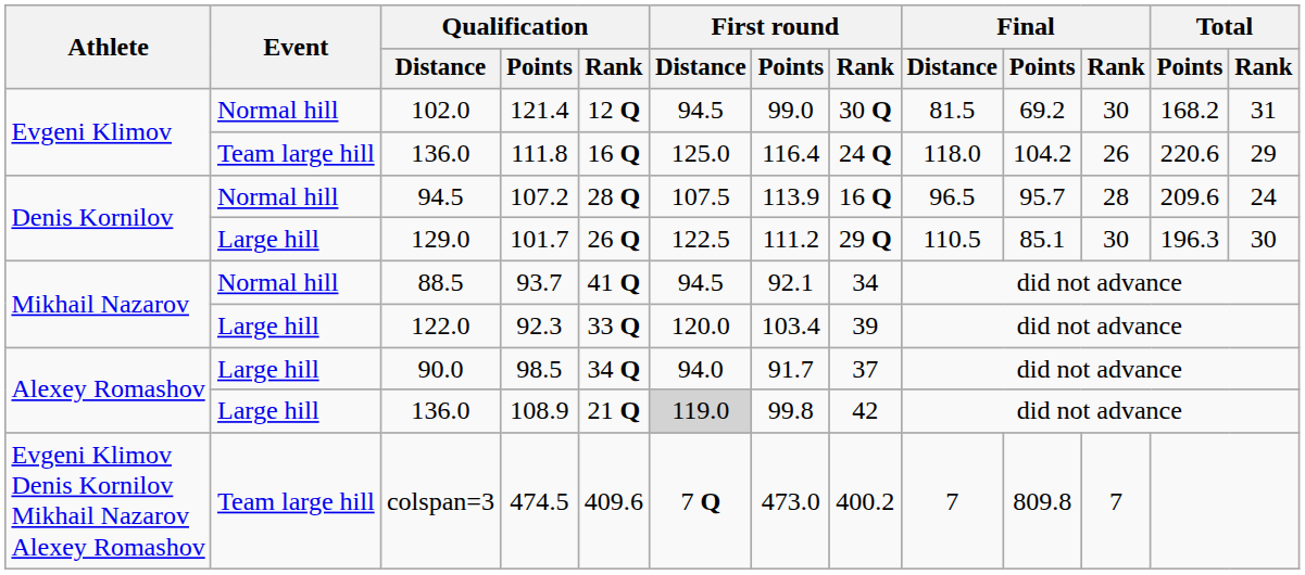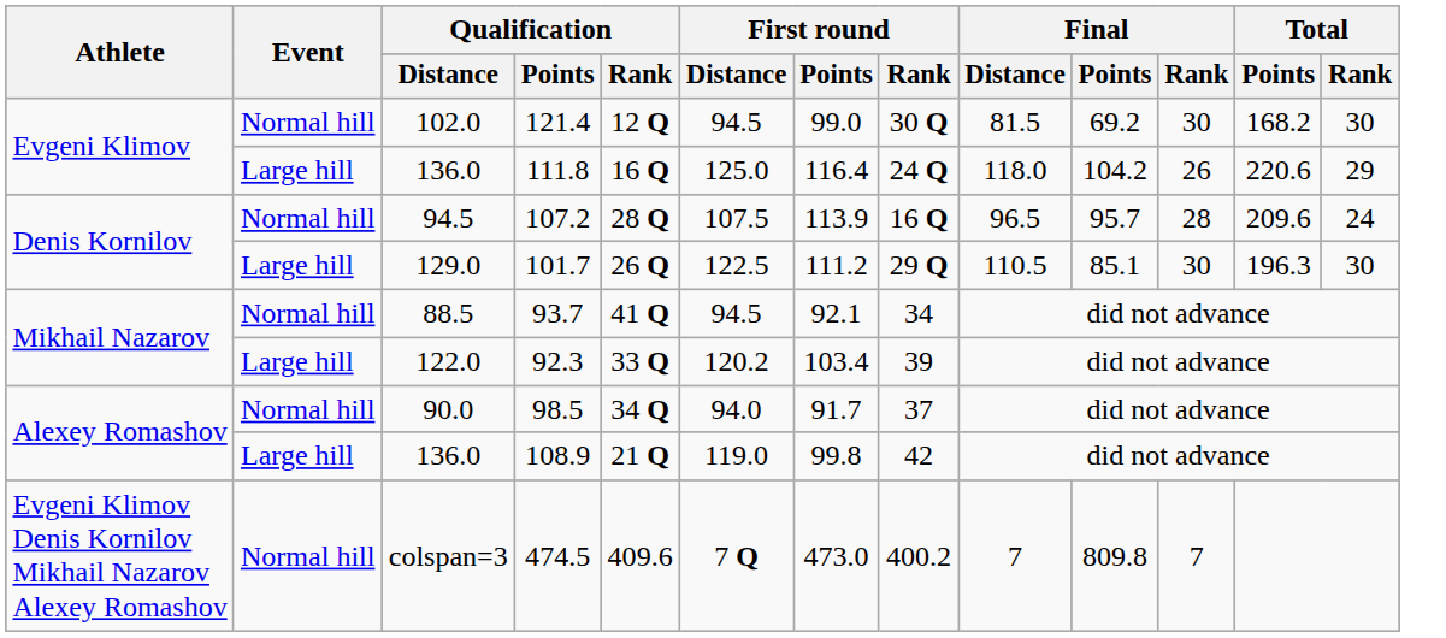 <table class="wikitable" style="font-size:90%">
 <tr>
 <th rowspan=2>Athlete</th>
 <th rowspan=2>Event</th>
 <th colspan=3>Qualification</th>
 <th colspan=3>First round</th>
 <th colspan=3>Final</th>
 <th colspan=2>Total</th>
 </tr>
 <tr style="font-size:95%">
 <th>Distance</th>
 <th>Points</th>
 <th>Rank</th>
 <th>Distance</th>
 <th>Points</th>
 <th>Rank</th>
 <th>Distance</th>
 <th>Points</th>
 <th>Rank</th>
 <th>Points</th>
 <th>Rank</th>
 </tr>
 <tr align=center>
 <td align=left rowspan=2><a href='#'>Evgeni Klimov</a></td>
 <td align=left><a href='#'>Normal hill</a></td>
 <td>102.0</td>
 <td>121.4</td>
 <td>12 <strong>Q</strong></td>
 <td>94.5</td>
 <td>99.0</td>
 <td>30 <strong>Q</strong></td>
 <td>81.5</td>
 <td>69.2</td>
 <td>30</td>
 <td>168.2</td>
-<td>31</td>
+<td>30</td>
 </tr>
 <tr align=center>
-<td align=left><a href='#'>Team large hill</a></td>
+<td align=left><a href='#'>Large hill</a></td>
 <td>136.0</td>
 <td>111.8</td>
 <td>16 <strong>Q</strong></td>
 <td>125.0</td>
 <td>116.4</td>
 <td>24 <strong>Q</strong></td>
 <td>118.0</td>
 <td>104.2</td>
 <td>26</td>
 <td>220.6</td>
 <td>29</td>
 </tr>
 <tr align=center>
 <td align=left rowspan=2><a href='#'>Denis Kornilov</a></td>
 <td align=left><a href='#'>Normal hill</a></td>
 <td>94.5</td>
 <td>107.2</td>
 <td>28 <strong>Q</strong></td>
 <td>107.5</td>
 <td>113.9</td>
 <td>16 <strong>Q</strong></td>
 <td>96.5</td>
 <td>95.7</td>
 <td>28</td>
 <td>209.6</td>
 <td>24</td>
 </tr>
 <tr align=center>
 <td align=left><a href='#'>Large hill</a></td>
 <td>129.0</td>
 <td>101.7</td>
 <td>26 <strong>Q</strong></td>
 <td>122.5</td>
 <td>111.2</td>
 <td>29 <strong>Q</strong></td>
 <td>110.5</td>
 <td>85.1</td>
 <td>30</td>
 <td>196.3</td>
 <td>30</td>
 </tr>
 <tr align=center>
 <td align=left rowspan=2><a href='#'>Mikhail Nazarov</a></td>
 <td align=left><a href='#'>Normal hill</a></td>
 <td>88.5</td>
 <td>93.7</td>
 <td>41 <strong>Q</strong></td>
 <td>94.5</td>
 <td>92.1</td>
 <td>34</td>
 <td colspan=5>did not advance</td>
 </tr>
 <tr align=center>
 <td align=left><a href='#'>Large hill</a></td>
 <td>122.0</td>
 <td>92.3</td>
 <td>33 <strong>Q</strong></td>
-<td>120.0</td>
+<td>120.2</td>
 <td>103.4</td>
 <td>39</td>
 <td colspan=5>did not advance</td>
 </tr>
 <tr align=center>
 <td align=left rowspan=2><a href='#'>Alexey Romashov</a></td>
-<td align=left><a href='#'>Large hill</a></td>
+<td align=left><a href='#'>Normal hill</a></td>
 <td>90.0</td>
 <td>98.5</td>
 <td>34 <strong>Q</strong></td>
 <td>94.0</td>
 <td>91.7</td>
 <td>37</td>
 <td colspan=5>did not advance</td>
 </tr>
 <tr align=center>
 <td align=left><a href='#'>Large hill</a></td>
 <td>136.0</td>
 <td>108.9</td>
 <td>21 <strong>Q</strong></td>
-<td style="background: lightgrey;">119.0</td>
+<td>119.0</td>
 <td>99.8</td>
 <td>42</td>
 <td colspan=5>did not advance</td>
 </tr>
 <tr align=center>
 <td align=left><a href='#'>Evgeni Klimov</a><br><a href='#'>Denis Kornilov</a><br><a href='#'>Mikhail Nazarov</a><br><a href='#'>Alexey Romashov</a></td>
-<td align=left><a href='#'>Team large hill</a></td>
+<td align=left><a href='#'>Normal hill</a></td>
 <td>colspan=3 </td>
 <td>474.5</td>
 <td>409.6</td>
 <td>7 <strong>Q</strong></td>
 <td>473.0</td>
 <td>400.2</td>
 <td>7</td>
 <td>809.8</td>
 <td>7</td>
 </tr>
 </table>
